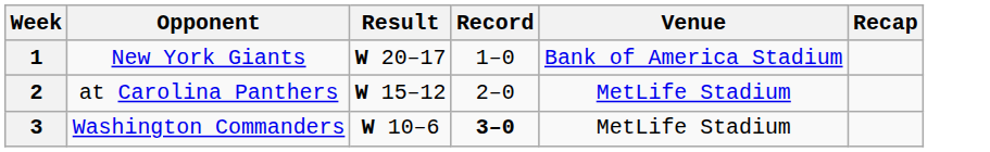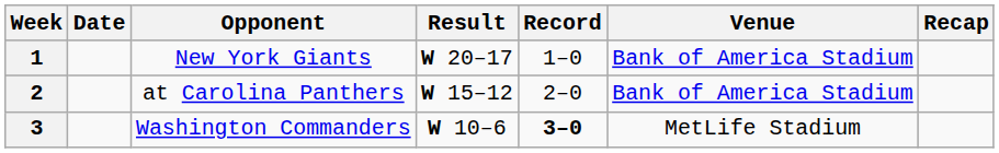 <table class="wikitable" style="text-align:center">
 <tr>
 <th>Week</th>
+<th>Date</th>
 <th>Opponent</th>
 <th>Result</th>
 <th>Record</th>
 <th>Venue</th>
 <th>Recap</th>
 </tr>
 <tr>
 <th>1</th>
+<td></td>
 <td><a href='#'>New York Giants</a></td>
 <td><strong>W</strong> 20–17</td>
 <td>1–0</td>
 <td><a href='#'>Bank of America Stadium</a></td>
 <td></td>
 </tr>
 <tr>
 <th>2</th>
+<td></td>
 <td>at <a href='#'>Carolina Panthers</a></td>
 <td><strong>W</strong> 15–12</td>
 <td>2–0</td>
-<td><a href='#'>MetLife Stadium</a></td>
+<td><a href='#'>Bank of America Stadium</a></td>
 <td></td>
 </tr>
 <tr>
 <th>3</th>
+<td></td>
 <td><a href='#'>Washington Commanders</a></td>
 <td><strong>W</strong> 10–6</td>
 <td><strong>3–0</strong></td>
 <td>MetLife Stadium</td>
 <td></td>
 </tr>
 </table>
